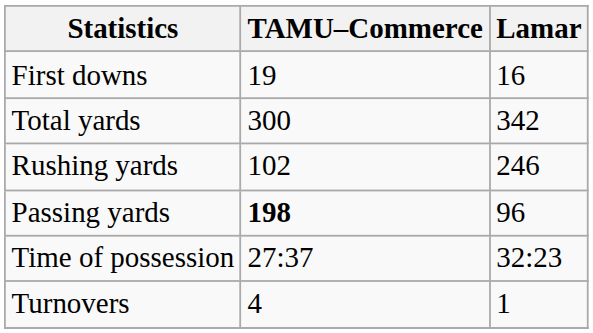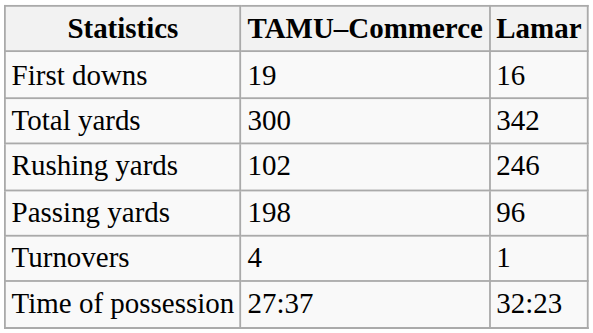 <table class="wikitable" style="float: left;">
 <tr>
 <th>Statistics</th>
 <th><strong>TAMU–Commerce</strong></th>
 <th><strong>Lamar</strong></th>
 </tr>
 <tr>
 <td>First downs</td>
 <td>19</td>
 <td>16</td>
 </tr>
 <tr>
 <td>Total yards</td>
 <td>300</td>
 <td>342</td>
 </tr>
 <tr>
 <td>Rushing yards</td>
 <td>102</td>
 <td>246</td>
 </tr>
 <tr>
 <td>Passing yards</td>
-<td><strong>198</strong></td>
+<td>198</td>
 <td>96</td>
+</tr>
+<tr>
+<td>Turnovers</td>
+<td>4</td>
+<td>1</td>
 </tr>
 <tr>
 <td>Time of possession</td>
 <td>27:37</td>
 <td>32:23</td>
 </tr>
 <tr>
-<td>Turnovers</td>
-<td>4</td>
-<td>1</td>
-</tr>
-<tr>
 </tr>
 </table>
